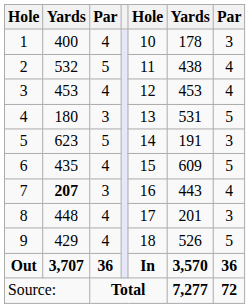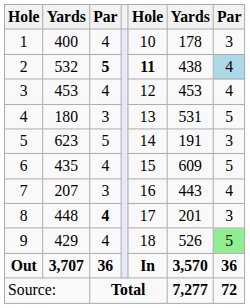 <table class="wikitable" style="text-align:center;">
 <tr>
 <th>Hole</th>
 <th>Yards</th>
 <th>Par</th>
 <th></th>
 <th>Hole</th>
 <th>Yards</th>
 <th>Par</th>
 </tr>
 <tr>
 <td>1</td>
 <td>400</td>
 <td>4</td>
 <td rowspan=10 style="background:#E6E8FA;"></td>
 <td>10</td>
 <td>178</td>
 <td>3</td>
 </tr>
 <tr>
 <td>2</td>
 <td>532</td>
-<td>5</td>
-<td>11</td>
+<td><strong>5</strong></td>
+<td><strong>11</strong></td>
 <td>438</td>
-<td>4</td>
+<td style="background: lightblue;">4</td>
 </tr>
 <tr>
 <td>3</td>
 <td>453</td>
 <td>4</td>
 <td>12</td>
 <td>453</td>
 <td>4</td>
 </tr>
 <tr>
 <td>4</td>
 <td>180</td>
 <td>3</td>
 <td>13</td>
 <td>531</td>
 <td>5</td>
 </tr>
 <tr>
 <td>5</td>
 <td>623</td>
 <td>5</td>
 <td>14</td>
 <td>191</td>
 <td>3</td>
 </tr>
 <tr>
 <td>6</td>
 <td>435</td>
 <td>4</td>
 <td>15</td>
 <td>609</td>
 <td>5</td>
 </tr>
 <tr>
 <td>7</td>
-<td><strong>207</strong></td>
+<td>207</td>
 <td>3</td>
 <td>16</td>
 <td>443</td>
 <td>4</td>
 </tr>
 <tr>
 <td>8</td>
 <td>448</td>
-<td>4</td>
+<td><strong>4</strong></td>
 <td>17</td>
 <td>201</td>
 <td>3</td>
 </tr>
 <tr>
 <td>9</td>
 <td>429</td>
 <td>4</td>
 <td>18</td>
 <td>526</td>
-<td>5</td>
+<td style="background: lightgreen;">5</td>
 </tr>
 <tr>
 <td><strong>Out</strong></td>
 <td><strong>3,707</strong></td>
 <td><strong>36</strong></td>
 <td><strong>In</strong></td>
 <td><strong>3,570</strong></td>
 <td><strong>36</strong></td>
 </tr>
 <tr>
 <td colspan="2" style="text-align:left;">Source:</td>
 <td colspan=3><strong>Total</strong></td>
 <td><strong>7,277</strong></td>
 <td><strong>72</strong></td>
 </tr>
 </table>
